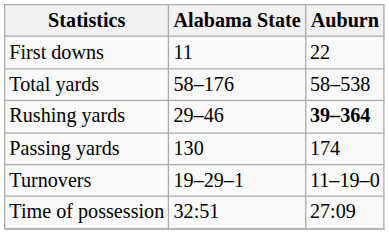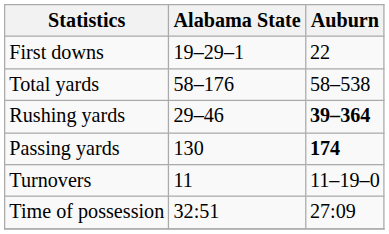 <table class="wikitable">
 <tr>
 <th>Statistics</th>
 <th>Alabama State</th>
 <th>Auburn</th>
 </tr>
 <tr>
 <td>First downs</td>
-<td>11</td>
+<td>19–29–1</td>
 <td>22</td>
 </tr>
 <tr>
 <td>Total yards</td>
 <td>58–176</td>
 <td>58–538</td>
 </tr>
 <tr>
 <td>Rushing yards</td>
 <td>29–46</td>
 <td><strong>39–364</strong></td>
 </tr>
 <tr>
 <td>Passing yards</td>
 <td>130</td>
-<td>174</td>
+<td><strong>174</strong></td>
 </tr>
 <tr>
 <td>Turnovers</td>
-<td>19–29–1</td>
+<td>11</td>
 <td>11–19–0</td>
 </tr>
 <tr>
 <td>Time of possession</td>
 <td>32:51</td>
 <td>27:09</td>
 </tr>
 <tr>
 </tr>
 </table>
